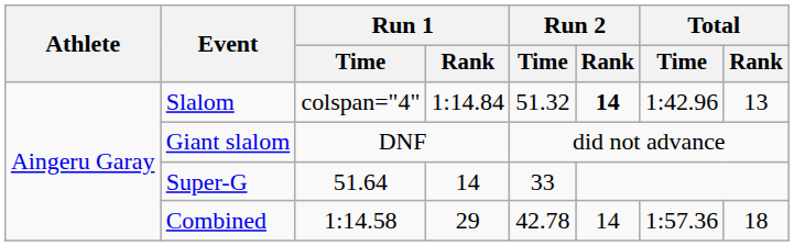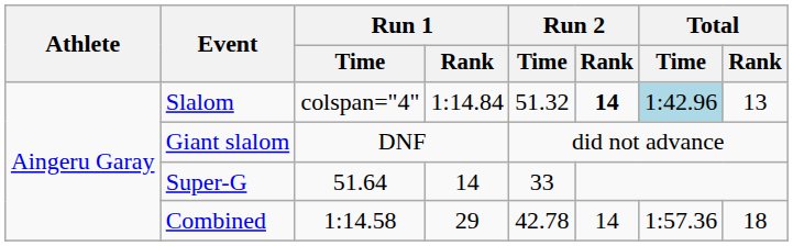 <table class="wikitable" style="font-size:90%">
 <tr>
 <th rowspan=2>Athlete</th>
 <th rowspan=2>Event</th>
 <th colspan=2>Run 1</th>
 <th colspan=2>Run 2</th>
 <th colspan=2>Total</th>
 </tr>
 <tr style="font-size:95%">
 <th>Time</th>
 <th>Rank</th>
 <th>Time</th>
 <th>Rank</th>
 <th>Time</th>
 <th>Rank</th>
 </tr>
 <tr align=center>
 <td align="left" rowspan="4"><a href='#'>Aingeru Garay</a></td>
 <td align="left"><a href='#'>Slalom</a></td>
 <td>colspan="4" </td>
 <td>1:14.84</td>
 <td>51.32</td>
 <td><strong>14</strong></td>
-<td>1:42.96</td>
+<td style="background: lightblue;">1:42.96</td>
 <td>13</td>
 </tr>
 <tr align=center>
 <td align="left"><a href='#'>Giant slalom</a></td>
 <td colspan=2>DNF</td>
 <td colspan=4>did not advance</td>
 </tr>
 <tr align=center>
 <td align="left"><a href='#'>Super-G</a></td>
 <td>51.64</td>
 <td>14</td>
 <td>33</td>
 </tr>
 <tr align=center>
 <td align="left"><a href='#'>Combined</a></td>
 <td>1:14.58</td>
 <td>29</td>
 <td>42.78</td>
 <td>14</td>
 <td>1:57.36</td>
 <td>18</td>
 </tr>
 </table>
